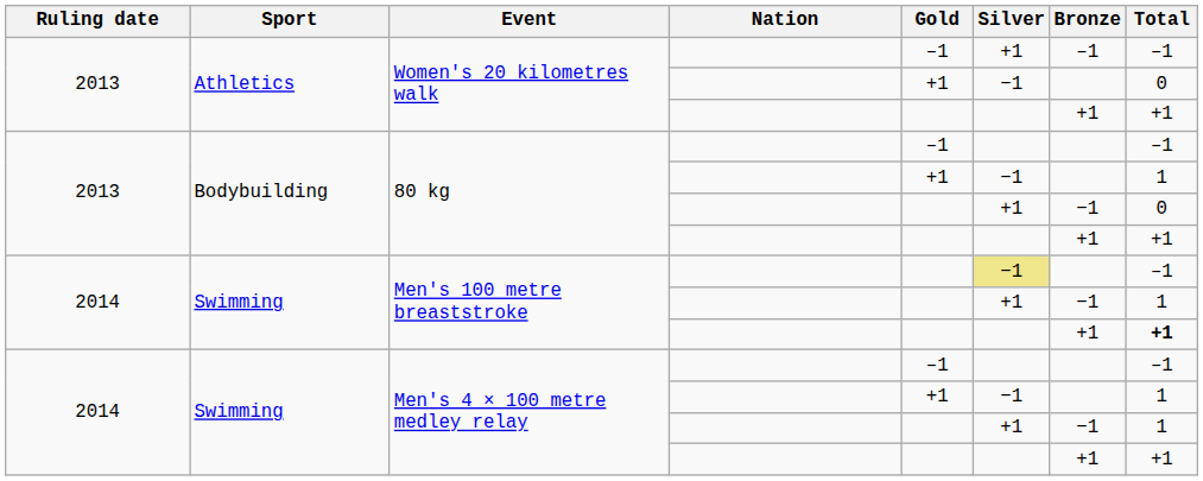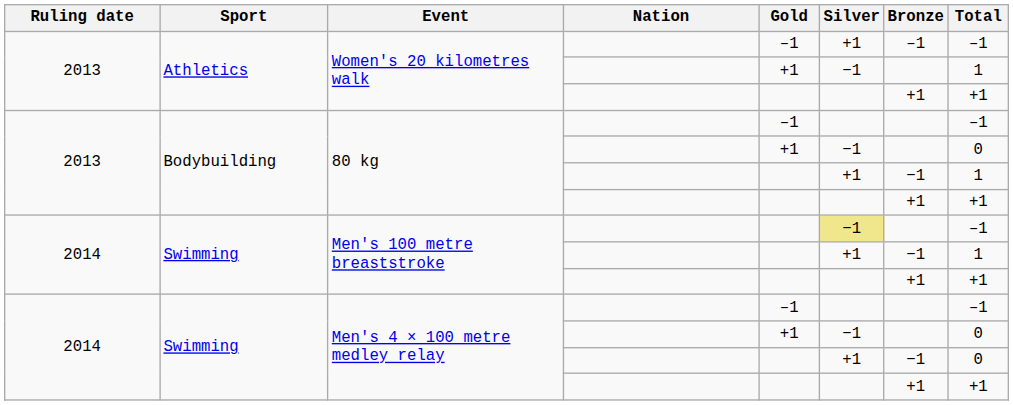 <table class="wikitable" style="text-align:center; font-size:90%;">
 <tr>
 <th scope="col" width="110">Ruling date</th>
 <th scope="col" width="120">Sport</th>
 <th scope="col" width="170">Event</th>
 <th scope="col" width="140">Nation</th>
 <th scope="col" width="40">Gold</th>
 <th scope="col" width="40">Silver</th>
 <th scope="col" width="40">Bronze</th>
 <th scope="col" width="40">Total</th>
 </tr>
 <tr>
 <td rowspan=3>2013</td>
 <td rowspan=3 align=left><a href='#'>Athletics</a></td>
 <td rowspan=3 align=left><a href='#'>Women's 20 kilometres walk</a></td>
 <td align=left></td>
 <td>–1</td>
 <td>+1</td>
 <td>–1</td>
 <td>–1</td>
 </tr>
 <tr>
 <td align=left></td>
 <td>+1</td>
 <td>−1</td>
 <td></td>
-<td>0</td>
+<td>1</td>
 </tr>
 <tr>
 <td align=left></td>
 <td></td>
 <td></td>
 <td>+1</td>
 <td>+1</td>
 </tr>
 <tr>
 <td rowspan=4>2013</td>
 <td rowspan=4 align=left>Bodybuilding</td>
 <td rowspan=4 align=left>80 kg</td>
 <td align=left></td>
 <td>–1</td>
 <td></td>
 <td></td>
 <td>–1</td>
 </tr>
 <tr>
 <td align=left></td>
 <td>+1</td>
 <td>−1</td>
 <td></td>
-<td>1</td>
+<td>0</td>
 </tr>
 <tr>
 <td align=left></td>
 <td></td>
 <td>+1</td>
 <td>−1</td>
-<td>0</td>
+<td>1</td>
 </tr>
 <tr>
 <td align=left></td>
 <td></td>
 <td></td>
 <td>+1</td>
 <td>+1</td>
 </tr>
 <tr>
 <td rowspan=3>2014</td>
 <td rowspan=3 align=left><a href='#'>Swimming</a></td>
 <td rowspan=3 align=left><a href='#'>Men's 100 metre breaststroke</a></td>
 <td align=left></td>
 <td></td>
 <td style="background: khaki;">−1</td>
 <td></td>
 <td>–1</td>
 </tr>
 <tr>
 <td align=left></td>
 <td></td>
 <td>+1</td>
 <td>−1</td>
 <td>1</td>
 </tr>
 <tr>
 <td align=left></td>
 <td></td>
 <td></td>
 <td>+1</td>
-<td><strong>+1</strong></td>
+<td>+1</td>
 </tr>
 <tr>
 <td rowspan=4>2014</td>
 <td rowspan=4 align=left><a href='#'>Swimming</a></td>
 <td rowspan=4 align=left><a href='#'>Men's 4 × 100 metre medley relay</a></td>
 <td align=left></td>
 <td>–1</td>
 <td></td>
 <td></td>
 <td>–1</td>
 </tr>
 <tr>
 <td align=left></td>
 <td>+1</td>
 <td>−1</td>
 <td></td>
-<td>1</td>
+<td>0</td>
 </tr>
 <tr>
 <td align=left></td>
 <td></td>
 <td>+1</td>
 <td>−1</td>
-<td>1</td>
+<td>0</td>
 </tr>
 <tr>
 <td align=left></td>
 <td></td>
 <td></td>
 <td>+1</td>
 <td>+1</td>
 </tr>
 </table>
